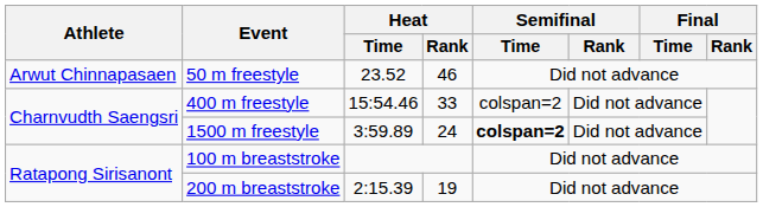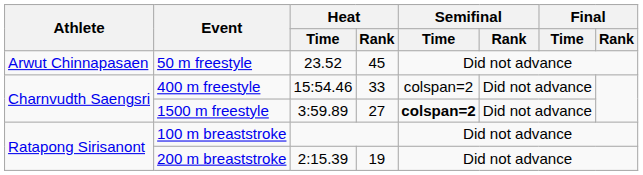 <table class=wikitable style="font-size:90%">
 <tr>
 <th rowspan="2">Athlete</th>
 <th rowspan="2">Event</th>
 <th colspan="2">Heat</th>
 <th colspan="2">Semifinal</th>
 <th colspan="2">Final</th>
 </tr>
 <tr style="font-size:95%">
 <th>Time</th>
 <th>Rank</th>
 <th>Time</th>
 <th>Rank</th>
 <th>Time</th>
 <th>Rank</th>
 </tr>
 <tr align=center>
 <td align=left><a href='#'>Arwut Chinnapasaen</a></td>
 <td align=left><a href='#'>50 m freestyle</a></td>
 <td>23.52</td>
-<td>46</td>
+<td>45</td>
 <td colspan=4>Did not advance</td>
 </tr>
 <tr align=center>
 <td align=left rowspan=2><a href='#'>Charnvudth Saengsri</a></td>
 <td align=left><a href='#'>400 m freestyle</a></td>
 <td>15:54.46</td>
 <td>33</td>
 <td>colspan=2 </td>
 <td colspan=2>Did not advance</td>
 </tr>
 <tr align=center>
 <td align=left><a href='#'>1500 m freestyle</a></td>
 <td>3:59.89</td>
-<td>24</td>
+<td>27</td>
 <td><strong>colspan=2 </strong></td>
 <td colspan=2>Did not advance</td>
 </tr>
 <tr align=center>
 <td align=left rowspan=2><a href='#'>Ratapong Sirisanont</a></td>
 <td align=left><a href='#'>100 m breaststroke</a></td>
 <td colspan=2></td>
 <td colspan=4>Did not advance</td>
 </tr>
 <tr align=center>
 <td align=left><a href='#'>200 m breaststroke</a></td>
 <td>2:15.39</td>
 <td>19</td>
 <td colspan=4>Did not advance</td>
 </tr>
 </table>
